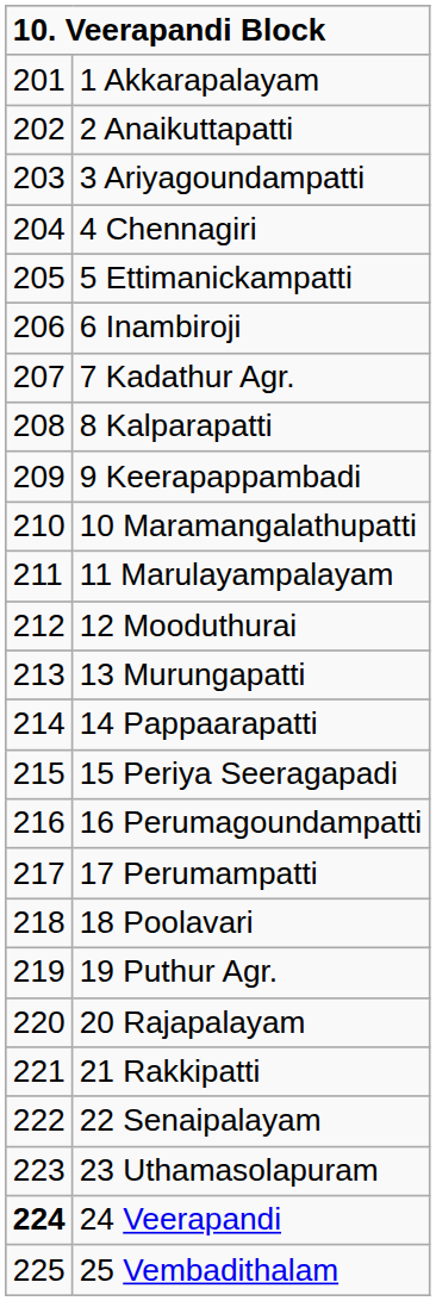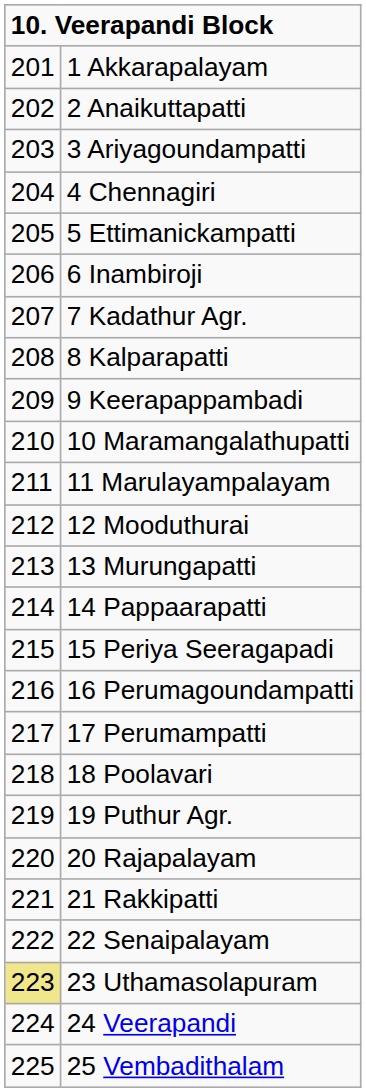 <table class="wikitable">
 <tr>
 <td colspan="2"><strong>10. Veerapandi Block</strong></td>
 </tr>
 <tr>
 <td>201</td>
 <td>1 Akkarapalayam</td>
 </tr>
 <tr>
 <td>202</td>
 <td>2 Anaikuttapatti</td>
 </tr>
 <tr>
 <td>203</td>
 <td>3 Ariyagoundampatti</td>
 </tr>
 <tr>
 <td>204</td>
 <td>4 Chennagiri</td>
 </tr>
 <tr>
 <td>205</td>
 <td>5 Ettimanickampatti</td>
 </tr>
 <tr>
 <td>206</td>
 <td>6 Inambiroji</td>
 </tr>
 <tr>
 <td>207</td>
 <td>7 Kadathur Agr.</td>
 </tr>
 <tr>
 <td>208</td>
 <td>8 Kalparapatti</td>
 </tr>
 <tr>
 <td>209</td>
 <td>9 Keerapappambadi</td>
 </tr>
 <tr>
 <td>210</td>
 <td>10 Maramangalathupatti</td>
 </tr>
 <tr>
 <td>211</td>
 <td>11 Marulayampalayam</td>
 </tr>
 <tr>
 <td>212</td>
 <td>12 Mooduthurai</td>
 </tr>
 <tr>
 <td>213</td>
 <td>13 Murungapatti</td>
 </tr>
 <tr>
 <td>214</td>
 <td>14 Pappaarapatti</td>
 </tr>
 <tr>
 <td>215</td>
 <td>15 Periya Seeragapadi</td>
 </tr>
 <tr>
 <td>216</td>
 <td>16 Perumagoundampatti</td>
 </tr>
 <tr>
 <td>217</td>
 <td>17 Perumampatti</td>
 </tr>
 <tr>
 <td>218</td>
 <td>18 Poolavari</td>
 </tr>
 <tr>
 <td>219</td>
 <td>19 Puthur Agr.</td>
 </tr>
 <tr>
 <td>220</td>
 <td>20 Rajapalayam</td>
 </tr>
 <tr>
 <td>221</td>
 <td>21 Rakkipatti</td>
 </tr>
 <tr>
 <td>222</td>
 <td>22 Senaipalayam</td>
 </tr>
 <tr>
-<td>223</td>
+<td style="background: khaki;">223</td>
 <td>23 Uthamasolapuram</td>
 </tr>
 <tr>
-<td><strong>224</strong></td>
+<td>224</td>
 <td>24 <a href='#'>Veerapandi</a></td>
 </tr>
 <tr>
 <td>225</td>
 <td>25 <a href='#'>Vembadithalam</a></td>
 </tr>
 </table>
